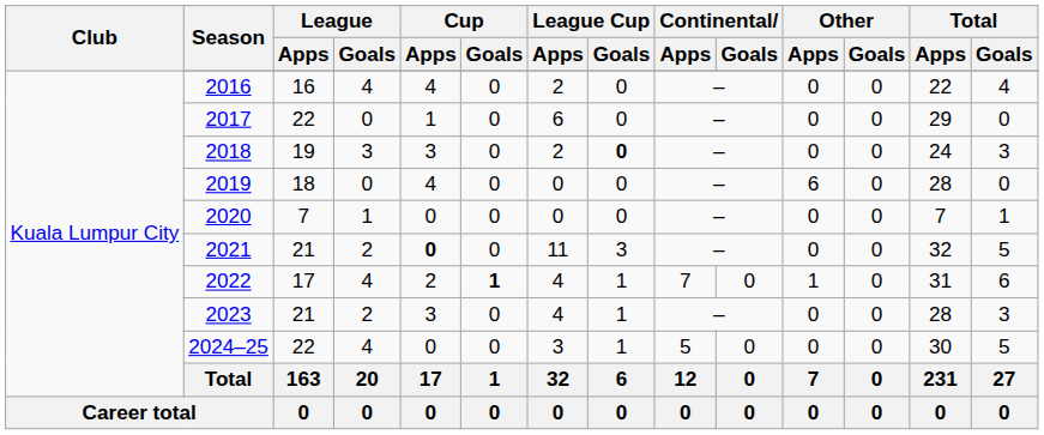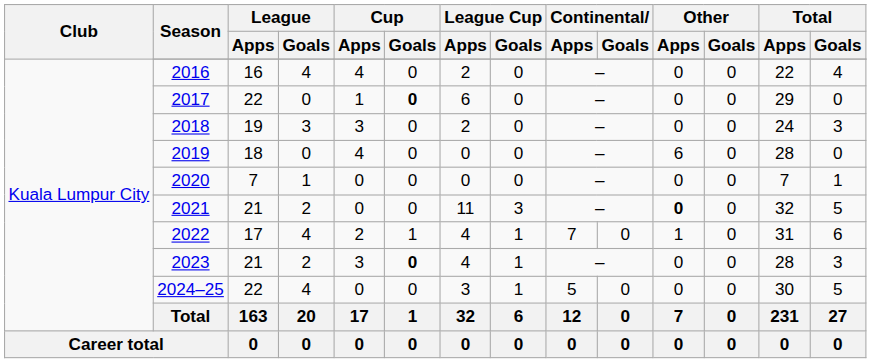 <table class=wikitable style=text-align:center>
 <tr>
 <th rowspan="2">Club</th>
 <th rowspan="2">Season</th>
 <th colspan="2">League</th>
 <th colspan="2">Cup</th>
 <th colspan="2">League Cup</th>
 <th colspan="2">Continental/</th>
 <th colspan="2">Other</th>
 <th colspan="2">Total</th>
 </tr>
 <tr>
 <th>Apps</th>
 <th>Goals</th>
 <th>Apps</th>
 <th>Goals</th>
 <th>Apps</th>
 <th>Goals</th>
 <th>Apps</th>
 <th>Goals</th>
 <th>Apps</th>
 <th>Goals</th>
 <th>Apps</th>
 <th>Goals</th>
 </tr>
 <tr>
 <td rowspan="11"><a href='#'>Kuala Lumpur City</a></td>
 </tr>
 <tr>
 <td><a href='#'>2016</a></td>
 <td>16</td>
 <td>4</td>
 <td>4</td>
 <td>0</td>
 <td>2</td>
 <td>0</td>
 <td colspan="2">–</td>
 <td>0</td>
 <td>0</td>
 <td>22</td>
 <td>4</td>
 </tr>
 <tr>
 <td><a href='#'>2017</a></td>
 <td>22</td>
 <td>0</td>
 <td>1</td>
-<td>0</td>
+<td><strong>0</strong></td>
 <td>6</td>
 <td>0</td>
 <td colspan="2">–</td>
 <td>0</td>
 <td>0</td>
 <td>29</td>
 <td>0</td>
 </tr>
 <tr>
 <td><a href='#'>2018</a></td>
 <td>19</td>
 <td>3</td>
 <td>3</td>
 <td>0</td>
 <td>2</td>
-<td><strong>0</strong></td>
+<td>0</td>
 <td colspan="2">–</td>
 <td>0</td>
 <td>0</td>
 <td>24</td>
 <td>3</td>
 </tr>
 <tr>
 <td><a href='#'>2019</a></td>
 <td>18</td>
 <td>0</td>
 <td>4</td>
 <td>0</td>
 <td>0</td>
 <td>0</td>
 <td colspan="2">–</td>
 <td>6</td>
 <td>0</td>
 <td>28</td>
 <td>0</td>
 </tr>
 <tr>
 <td><a href='#'>2020</a></td>
 <td>7</td>
 <td>1</td>
 <td>0</td>
 <td>0</td>
 <td>0</td>
 <td>0</td>
 <td colspan="2">–</td>
 <td>0</td>
 <td>0</td>
 <td>7</td>
 <td>1</td>
 </tr>
 <tr>
 <td><a href='#'>2021</a></td>
 <td>21</td>
 <td>2</td>
-<td><strong>0</strong></td>
+<td>0</td>
 <td>0</td>
 <td>11</td>
 <td>3</td>
 <td colspan="2">–</td>
-<td>0</td>
+<td><strong>0</strong></td>
 <td>0</td>
 <td>32</td>
 <td>5</td>
 </tr>
 <tr>
 <td><a href='#'>2022</a></td>
 <td>17</td>
 <td>4</td>
 <td>2</td>
-<td><strong>1</strong></td>
+<td>1</td>
 <td>4</td>
 <td>1</td>
 <td>7</td>
 <td>0</td>
 <td>1</td>
 <td>0</td>
 <td>31</td>
 <td>6</td>
 </tr>
 <tr>
 <td><a href='#'>2023</a></td>
 <td>21</td>
 <td>2</td>
 <td>3</td>
-<td>0</td>
+<td><strong>0</strong></td>
 <td>4</td>
 <td>1</td>
 <td colspan="2">–</td>
 <td>0</td>
 <td>0</td>
 <td>28</td>
 <td>3</td>
 </tr>
 <tr>
 <td><a href='#'>2024–25</a></td>
 <td>22</td>
 <td>4</td>
 <td>0</td>
 <td>0</td>
 <td>3</td>
 <td>1</td>
 <td>5</td>
 <td>0</td>
 <td>0</td>
 <td>0</td>
 <td>30</td>
 <td>5</td>
 </tr>
 <tr>
 <th>Total</th>
 <th>163</th>
 <th>20</th>
 <th>17</th>
 <th>1</th>
 <th>32</th>
 <th>6</th>
 <th>12</th>
 <th>0</th>
 <th>7</th>
 <th>0</th>
 <th>231</th>
 <th>27</th>
 </tr>
 <tr>
 <th colspan=2>Career total</th>
 <th>0</th>
 <th>0</th>
 <th>0</th>
 <th>0</th>
 <th>0</th>
 <th>0</th>
 <th>0</th>
 <th>0</th>
 <th>0</th>
 <th>0</th>
 <th>0</th>
 <th>0</th>
 </tr>
 </table>
